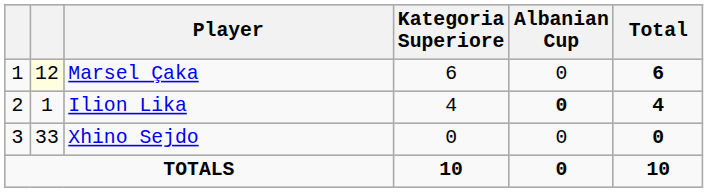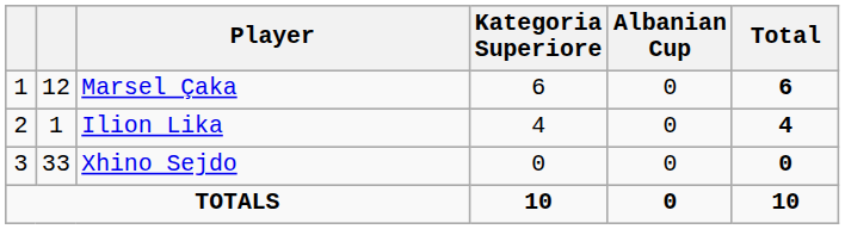 <table class="wikitable sortable" style="font-size: 95%; text-align: center;">
 <tr>
 <th width=10></th>
 <th width=10></th>
 <th width=200>Player</th>
 <th width=50>Kategoria Superiore</th>
 <th width=50>Albanian Cup</th>
 <th width=50>Total</th>
 </tr>
 <tr>
 <td>1</td>
-<td style="background: lightyellow;">12</td>
+<td>12</td>
 <td align=left> <a href='#'>Marsel Çaka</a></td>
 <td>6</td>
 <td>0</td>
 <td><strong>6</strong></td>
 </tr>
 <tr>
 <td>2</td>
 <td>1</td>
 <td align="left"> <a href='#'>Ilion Lika</a></td>
 <td>4</td>
-<td><strong>0</strong></td>
+<td>0</td>
 <td><strong>4</strong></td>
 </tr>
 <tr>
 <td>3</td>
 <td>33</td>
 <td align=left> <a href='#'>Xhino Sejdo</a></td>
 <td>0</td>
 <td>0</td>
 <td><strong>0</strong></td>
 </tr>
 <tr>
 <td colspan="3"><strong>TOTALS</strong></td>
 <td><strong>10</strong></td>
 <td><strong>0</strong></td>
 <td><strong>10</strong></td>
 </tr>
 </table>
